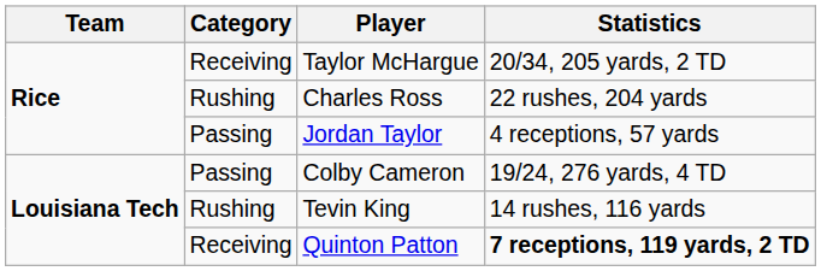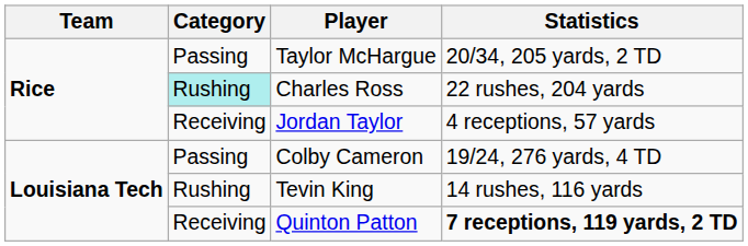 <table class="wikitable" style="float: left;">
 <tr>
 <th>Team</th>
 <th>Category</th>
 <th>Player</th>
 <th>Statistics</th>
 </tr>
 <tr>
 <td rowspan=3><strong>Rice</strong></td>
-<td>Receiving</td>
+<td>Passing</td>
 <td>Taylor McHargue</td>
 <td>20/34, 205 yards, 2 TD</td>
 </tr>
 <tr>
-<td>Rushing</td>
+<td style="background: paleturquoise;">Rushing</td>
 <td>Charles Ross</td>
 <td>22 rushes, 204 yards</td>
 </tr>
 <tr>
-<td>Passing</td>
+<td>Receiving</td>
 <td><a href='#'>Jordan Taylor</a></td>
 <td>4 receptions, 57 yards</td>
 </tr>
 <tr>
 <td rowspan=3><strong>Louisiana Tech</strong></td>
 <td>Passing</td>
 <td>Colby Cameron</td>
 <td>19/24, 276 yards, 4 TD</td>
 </tr>
 <tr>
 <td>Rushing</td>
 <td>Tevin King</td>
 <td>14 rushes, 116 yards</td>
 </tr>
 <tr>
 <td>Receiving</td>
 <td><a href='#'>Quinton Patton</a></td>
 <td><strong>7 receptions, 119 yards, 2 TD</strong></td>
 </tr>
 </table>
